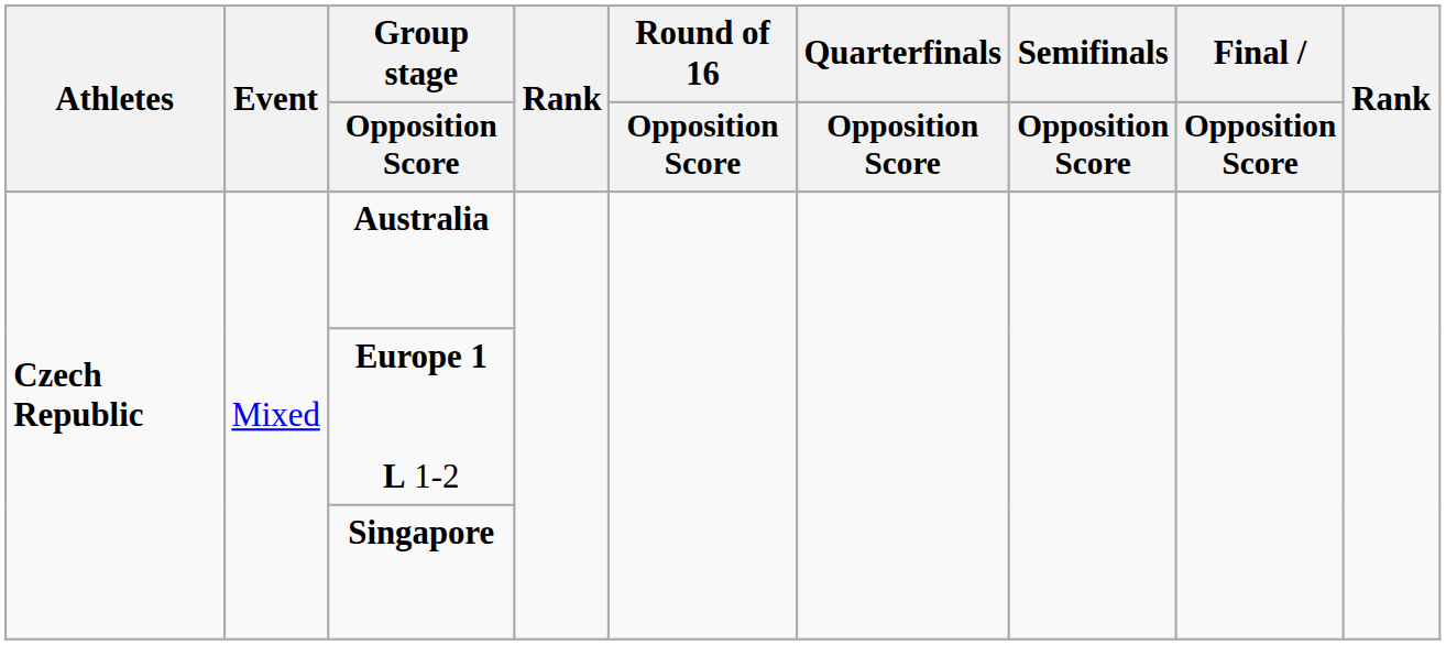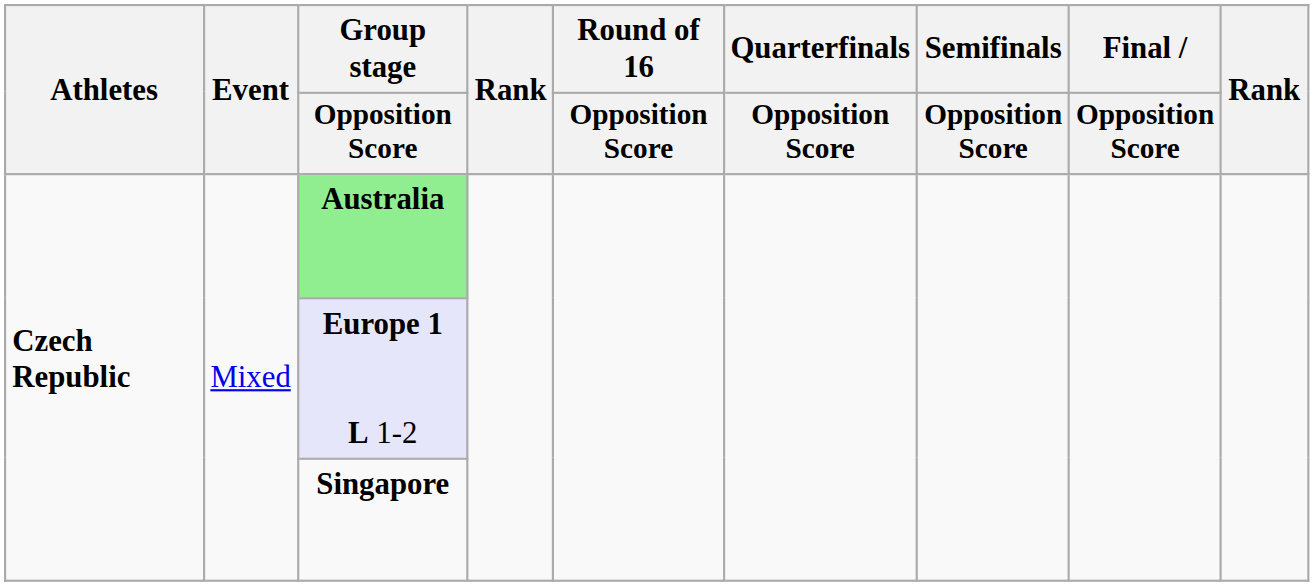 <table class=wikitable style="font-size:90%">
 <tr>
 <th rowspan="2">Athletes</th>
 <th rowspan="2">Event</th>
 <th>Group stage</th>
 <th rowspan="2">Rank</th>
 <th>Round of 16</th>
 <th>Quarterfinals</th>
 <th>Semifinals</th>
 <th>Final / </th>
 <th rowspan=2>Rank</th>
 </tr>
 <tr style="font-size:95%">
 <th>Opposition<br>Score</th>
 <th>Opposition<br>Score</th>
 <th>Opposition<br>Score</th>
 <th>Opposition<br>Score</th>
 <th>Opposition<br>Score</th>
 </tr>
 <tr align=center>
 <td align=left rowspan=3><strong>Czech Republic</strong><br><br></td>
 <td align=left rowspan=3><a href='#'>Mixed</a></td>
-<td><strong>Australia</strong><br><br><br></td>
+<td style="background: lightgreen;"><strong>Australia</strong><br><br><br></td>
 <td rowspan=3></td>
 <td rowspan=3></td>
 <td rowspan=3></td>
 <td rowspan=3></td>
 <td rowspan=3></td>
 <td rowspan=3></td>
 </tr>
 <tr align=center>
-<td><strong>Europe 1</strong><br><br><br><strong>L</strong> 1-2</td>
+<td style="background: lavender;"><strong>Europe 1</strong><br><br><br><strong>L</strong> 1-2</td>
 </tr>
 <tr align=center>
 <td><strong>Singapore</strong><br><br><br></td>
 </tr>
 </table>
